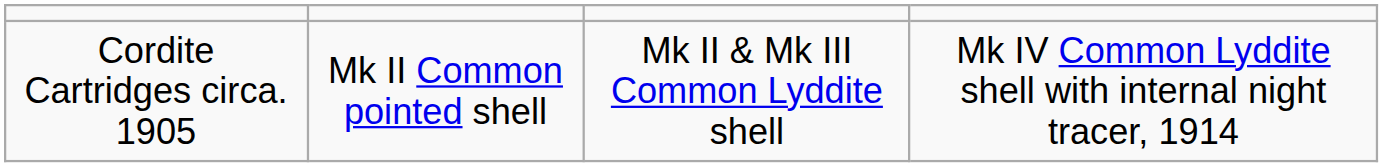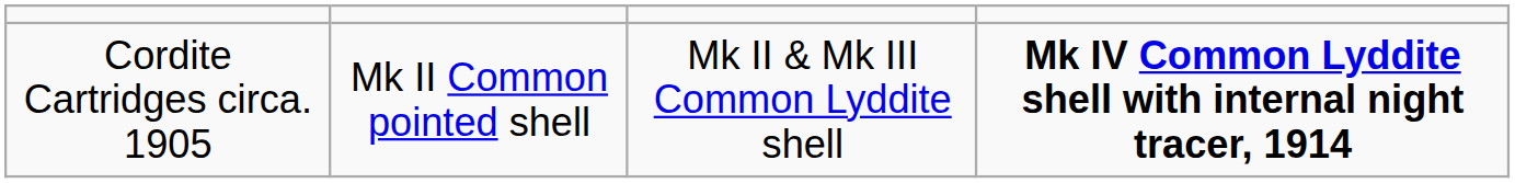 <table class="wikitable">
 <tr>
 <td></td>
 <td></td>
 <td></td>
 <td></td>
 </tr>
 <tr style="text-align:center;">
 <td>Cordite Cartridges circa. 1905</td>
 <td>Mk II <a href='#'>Common pointed</a> shell</td>
 <td>Mk II & Mk III <a href='#'>Common Lyddite</a> shell</td>
-<td>Mk IV <a href='#'>Common Lyddite</a> shell with internal night tracer, 1914</td>
+<td><strong>Mk IV <a href='#'>Common Lyddite</a> shell with internal night tracer, 1914</strong></td>
 </tr>
 </table>
